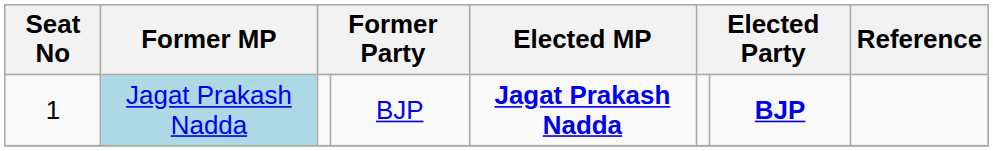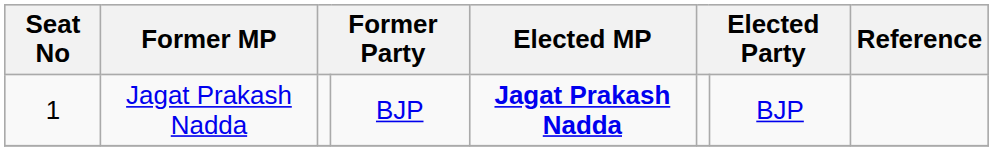 <table class="wikitable">
 <tr>
 <th>Seat No</th>
 <th>Former MP</th>
 <th colspan=2>Former Party</th>
 <th>Elected MP</th>
 <th colspan=2>Elected Party</th>
 <th>Reference</th>
 </tr>
 <tr style="text-align:center;">
 <td>1</td>
-<td style="background: lightblue;"><a href='#'>Jagat Prakash Nadda</a></td>
+<td><a href='#'>Jagat Prakash Nadda</a></td>
 <td width="1px"></td>
 <td><a href='#'>BJP</a></td>
 <td><strong><a href='#'>Jagat Prakash Nadda</a></strong></td>
 <td width="1px"></td>
-<td><strong><a href='#'>BJP</a></strong></td>
+<td><a href='#'>BJP</a></td>
 <td></td>
 </tr>
 <tr>
 </tr>
 </table>
